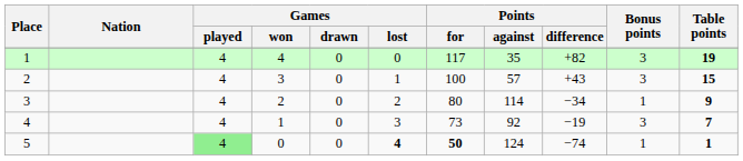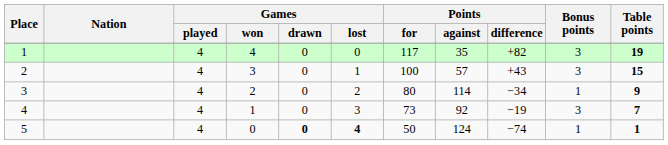 <table class="wikitable">
 <tr>
 <th rowspan=2 width="6%">Place</th>
 <th rowspan=2 width="20%">Nation</th>
 <th colspan=4 width="40%">Games</th>
 <th colspan=3 width="24%">Points</th>
 <th rowspan=2 width="10%">Bonus<br>points</th>
 <th rowspan=2 width="10%">Table<br>points</th>
 </tr>
 <tr>
 <th width="8%">played</th>
 <th width="8%">won</th>
 <th width="8%">drawn</th>
 <th width="8%">lost</th>
 <th width="8%">for</th>
 <th width="8%">against</th>
 <th width="8%">difference</th>
 </tr>
 <tr>
 </tr>
 <tr align=center bgcolor="#ccffcc">
 <td>1</td>
 <td align=left></td>
 <td>4</td>
 <td>4</td>
 <td>0</td>
 <td>0</td>
 <td>117</td>
 <td>35</td>
 <td>+82</td>
 <td>3</td>
 <td><strong>19</strong></td>
 </tr>
 <tr align=center>
 <td>2</td>
 <td align=left></td>
 <td>4</td>
 <td>3</td>
 <td>0</td>
 <td>1</td>
 <td>100</td>
 <td>57</td>
 <td>+43</td>
 <td>3</td>
 <td><strong>15</strong></td>
 </tr>
 <tr align=center>
 <td>3</td>
 <td align=left></td>
 <td>4</td>
 <td>2</td>
 <td>0</td>
 <td>2</td>
 <td>80</td>
 <td>114</td>
 <td>−34</td>
 <td>1</td>
 <td><strong>9</strong></td>
 </tr>
 <tr align=center>
 <td>4</td>
 <td align=left></td>
 <td>4</td>
 <td>1</td>
 <td>0</td>
 <td>3</td>
 <td>73</td>
 <td>92</td>
 <td>−19</td>
 <td>3</td>
 <td><strong>7</strong></td>
 </tr>
 <tr align=center>
 <td>5</td>
 <td align=left></td>
-<td style="background: lightgreen;">4</td>
+<td>4</td>
 <td>0</td>
-<td>0</td>
+<td><strong>0</strong></td>
 <td><strong>4</strong></td>
-<td><strong>50</strong></td>
+<td>50</td>
 <td>124</td>
 <td>−74</td>
 <td>1</td>
 <td><strong>1</strong></td>
 </tr>
 </table>
